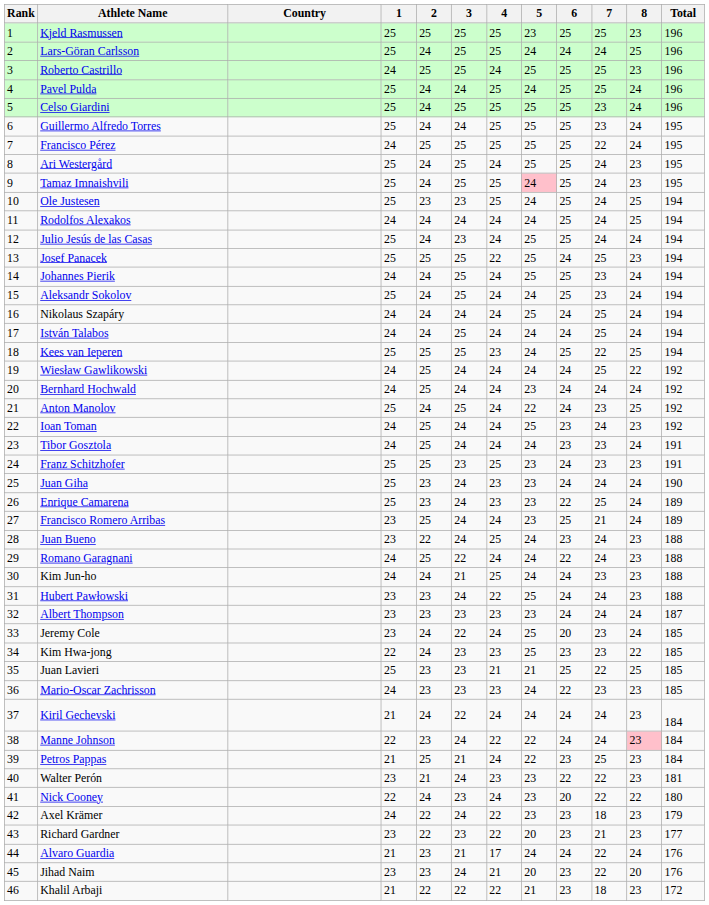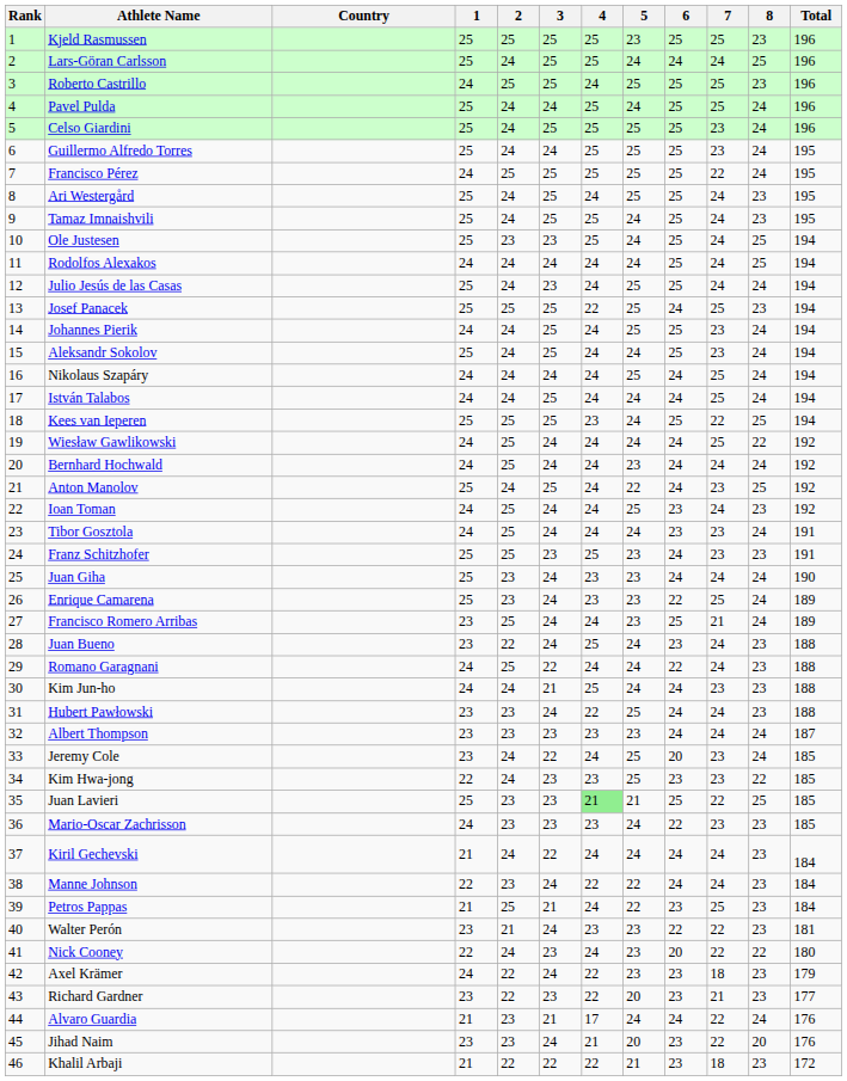 <table class="wikitable">
 <tr>
 <th width=25>Rank</th>
 <th width=250>Athlete Name</th>
 <th width=200>Country</th>
 <th width=40>1</th>
 <th width=40>2</th>
 <th width=40>3</th>
 <th width=40>4</th>
 <th width=40>5</th>
 <th width=40>6</th>
 <th width=40>7</th>
 <th width=40>8</th>
 <th width=50>Total</th>
 </tr>
 <tr bgcolor= #CCFFCC>
 <td>1</td>
 <td><a href='#'>Kjeld Rasmussen</a></td>
 <td></td>
 <td>25</td>
 <td>25</td>
 <td>25</td>
 <td>25</td>
 <td>23</td>
 <td>25</td>
 <td>25</td>
 <td>23</td>
 <td>196</td>
 </tr>
 <tr bgcolor= #CCFFCC>
 <td>2</td>
 <td><a href='#'>Lars-Göran Carlsson</a></td>
 <td></td>
 <td>25</td>
 <td>24</td>
 <td>25</td>
 <td>25</td>
 <td>24</td>
 <td>24</td>
 <td>24</td>
 <td>25</td>
 <td>196</td>
 </tr>
 <tr bgcolor= #CCFFCC>
 <td>3</td>
 <td><a href='#'>Roberto Castrillo</a></td>
 <td></td>
 <td>24</td>
 <td>25</td>
 <td>25</td>
 <td>24</td>
 <td>25</td>
 <td>25</td>
 <td>25</td>
 <td>23</td>
 <td>196</td>
 </tr>
 <tr bgcolor= #CCFFCC>
 <td>4</td>
 <td><a href='#'>Pavel Pulda</a></td>
 <td></td>
 <td>25</td>
 <td>24</td>
 <td>24</td>
 <td>25</td>
 <td>24</td>
 <td>25</td>
 <td>25</td>
 <td>24</td>
 <td>196</td>
 </tr>
 <tr bgcolor= #CCFFCC>
 <td>5</td>
 <td><a href='#'>Celso Giardini</a></td>
 <td></td>
 <td>25</td>
 <td>24</td>
 <td>25</td>
 <td>25</td>
 <td>25</td>
 <td>25</td>
 <td>23</td>
 <td>24</td>
 <td>196</td>
 </tr>
 <tr>
 <td>6</td>
 <td><a href='#'>Guillermo Alfredo Torres</a></td>
 <td></td>
 <td>25</td>
 <td>24</td>
 <td>24</td>
 <td>25</td>
 <td>25</td>
 <td>25</td>
 <td>23</td>
 <td>24</td>
 <td>195</td>
 </tr>
 <tr>
 <td>7</td>
 <td><a href='#'>Francisco Pérez</a></td>
 <td></td>
 <td>24</td>
 <td>25</td>
 <td>25</td>
 <td>25</td>
 <td>25</td>
 <td>25</td>
 <td>22</td>
 <td>24</td>
 <td>195</td>
 </tr>
 <tr>
 <td>8</td>
 <td><a href='#'>Ari Westergård</a></td>
 <td></td>
 <td>25</td>
 <td>24</td>
 <td>25</td>
 <td>24</td>
 <td>25</td>
 <td>25</td>
 <td>24</td>
 <td>23</td>
 <td>195</td>
 </tr>
 <tr>
 <td>9</td>
 <td><a href='#'>Tamaz Imnaishvili</a></td>
 <td></td>
 <td>25</td>
 <td>24</td>
 <td>25</td>
 <td>25</td>
-<td style="background: pink;">24</td>
+<td>24</td>
 <td>25</td>
 <td>24</td>
 <td>23</td>
 <td>195</td>
 </tr>
 <tr>
 <td>10</td>
 <td><a href='#'>Ole Justesen</a></td>
 <td></td>
 <td>25</td>
 <td>23</td>
 <td>23</td>
 <td>25</td>
 <td>24</td>
 <td>25</td>
 <td>24</td>
 <td>25</td>
 <td>194</td>
 </tr>
 <tr>
 <td>11</td>
 <td><a href='#'>Rodolfos Alexakos</a></td>
 <td></td>
 <td>24</td>
 <td>24</td>
 <td>24</td>
 <td>24</td>
 <td>24</td>
 <td>25</td>
 <td>24</td>
 <td>25</td>
 <td>194</td>
 </tr>
 <tr>
 <td>12</td>
 <td><a href='#'>Julio Jesús de las Casas</a></td>
 <td></td>
 <td>25</td>
 <td>24</td>
 <td>23</td>
 <td>24</td>
 <td>25</td>
 <td>25</td>
 <td>24</td>
 <td>24</td>
 <td>194</td>
 </tr>
 <tr>
 <td>13</td>
 <td><a href='#'>Josef Panacek</a></td>
 <td></td>
 <td>25</td>
 <td>25</td>
 <td>25</td>
 <td>22</td>
 <td>25</td>
 <td>24</td>
 <td>25</td>
 <td>23</td>
 <td>194</td>
 </tr>
 <tr>
 <td>14</td>
 <td><a href='#'>Johannes Pierik</a></td>
 <td></td>
 <td>24</td>
 <td>24</td>
 <td>25</td>
 <td>24</td>
 <td>25</td>
 <td>25</td>
 <td>23</td>
 <td>24</td>
 <td>194</td>
 </tr>
 <tr>
 <td>15</td>
 <td><a href='#'>Aleksandr Sokolov</a></td>
 <td></td>
 <td>25</td>
 <td>24</td>
 <td>25</td>
 <td>24</td>
 <td>24</td>
 <td>25</td>
 <td>23</td>
 <td>24</td>
 <td>194</td>
 </tr>
 <tr>
 <td>16</td>
 <td>Nikolaus Szapáry</td>
 <td></td>
 <td>24</td>
 <td>24</td>
 <td>24</td>
 <td>24</td>
 <td>25</td>
 <td>24</td>
 <td>25</td>
 <td>24</td>
 <td>194</td>
 </tr>
 <tr>
 <td>17</td>
 <td><a href='#'>István Talabos</a></td>
 <td></td>
 <td>24</td>
 <td>24</td>
 <td>25</td>
 <td>24</td>
 <td>24</td>
 <td>24</td>
 <td>25</td>
 <td>24</td>
 <td>194</td>
 </tr>
 <tr>
 <td>18</td>
 <td><a href='#'>Kees van Ieperen</a></td>
 <td></td>
 <td>25</td>
 <td>25</td>
 <td>25</td>
 <td>23</td>
 <td>24</td>
 <td>25</td>
 <td>22</td>
 <td>25</td>
 <td>194</td>
 </tr>
 <tr>
 <td>19</td>
 <td><a href='#'>Wiesław Gawlikowski</a></td>
 <td></td>
 <td>24</td>
 <td>25</td>
 <td>24</td>
 <td>24</td>
 <td>24</td>
 <td>24</td>
 <td>25</td>
 <td>22</td>
 <td>192</td>
 </tr>
 <tr>
 <td>20</td>
 <td><a href='#'>Bernhard Hochwald</a></td>
 <td></td>
 <td>24</td>
 <td>25</td>
 <td>24</td>
 <td>24</td>
 <td>23</td>
 <td>24</td>
 <td>24</td>
 <td>24</td>
 <td>192</td>
 </tr>
 <tr>
 <td>21</td>
 <td><a href='#'>Anton Manolov</a></td>
 <td></td>
 <td>25</td>
 <td>24</td>
 <td>25</td>
 <td>24</td>
 <td>22</td>
 <td>24</td>
 <td>23</td>
 <td>25</td>
 <td>192</td>
 </tr>
 <tr>
 <td>22</td>
 <td><a href='#'>Ioan Toman</a></td>
 <td></td>
 <td>24</td>
 <td>25</td>
 <td>24</td>
 <td>24</td>
 <td>25</td>
 <td>23</td>
 <td>24</td>
 <td>23</td>
 <td>192</td>
 </tr>
 <tr>
 <td>23</td>
 <td><a href='#'>Tibor Gosztola</a></td>
 <td></td>
 <td>24</td>
 <td>25</td>
 <td>24</td>
 <td>24</td>
 <td>24</td>
 <td>23</td>
 <td>23</td>
 <td>24</td>
 <td>191</td>
 </tr>
 <tr>
 <td>24</td>
 <td><a href='#'>Franz Schitzhofer</a></td>
 <td></td>
 <td>25</td>
 <td>25</td>
 <td>23</td>
 <td>25</td>
 <td>23</td>
 <td>24</td>
 <td>23</td>
 <td>23</td>
 <td>191</td>
 </tr>
 <tr>
 <td>25</td>
 <td><a href='#'>Juan Giha</a></td>
 <td></td>
 <td>25</td>
 <td>23</td>
 <td>24</td>
 <td>23</td>
 <td>23</td>
 <td>24</td>
 <td>24</td>
 <td>24</td>
 <td>190</td>
 </tr>
 <tr>
 <td>26</td>
 <td><a href='#'>Enrique Camarena</a></td>
 <td></td>
 <td>25</td>
 <td>23</td>
 <td>24</td>
 <td>23</td>
 <td>23</td>
 <td>22</td>
 <td>25</td>
 <td>24</td>
 <td>189</td>
 </tr>
 <tr>
 <td>27</td>
 <td><a href='#'>Francisco Romero Arribas</a></td>
 <td></td>
 <td>23</td>
 <td>25</td>
 <td>24</td>
 <td>24</td>
 <td>23</td>
 <td>25</td>
 <td>21</td>
 <td>24</td>
 <td>189</td>
 </tr>
 <tr>
 <td>28</td>
 <td><a href='#'>Juan Bueno</a></td>
 <td></td>
 <td>23</td>
 <td>22</td>
 <td>24</td>
 <td>25</td>
 <td>24</td>
 <td>23</td>
 <td>24</td>
 <td>23</td>
 <td>188</td>
 </tr>
 <tr>
 <td>29</td>
 <td><a href='#'>Romano Garagnani</a></td>
 <td></td>
 <td>24</td>
 <td>25</td>
 <td>22</td>
 <td>24</td>
 <td>24</td>
 <td>22</td>
 <td>24</td>
 <td>23</td>
 <td>188</td>
 </tr>
 <tr>
 <td>30</td>
 <td>Kim Jun-ho</td>
 <td></td>
 <td>24</td>
 <td>24</td>
 <td>21</td>
 <td>25</td>
 <td>24</td>
 <td>24</td>
 <td>23</td>
 <td>23</td>
 <td>188</td>
 </tr>
 <tr>
 <td>31</td>
 <td><a href='#'>Hubert Pawłowski</a></td>
 <td></td>
 <td>23</td>
 <td>23</td>
 <td>24</td>
 <td>22</td>
 <td>25</td>
 <td>24</td>
 <td>24</td>
 <td>23</td>
 <td>188</td>
 </tr>
 <tr>
 <td>32</td>
 <td><a href='#'>Albert Thompson</a></td>
 <td></td>
 <td>23</td>
 <td>23</td>
 <td>23</td>
 <td>23</td>
 <td>23</td>
 <td>24</td>
 <td>24</td>
 <td>24</td>
 <td>187</td>
 </tr>
 <tr>
 <td>33</td>
 <td>Jeremy Cole</td>
 <td></td>
 <td>23</td>
 <td>24</td>
 <td>22</td>
 <td>24</td>
 <td>25</td>
 <td>20</td>
 <td>23</td>
 <td>24</td>
 <td>185</td>
 </tr>
 <tr>
 <td>34</td>
 <td>Kim Hwa-jong</td>
 <td></td>
 <td>22</td>
 <td>24</td>
 <td>23</td>
 <td>23</td>
 <td>25</td>
 <td>23</td>
 <td>23</td>
 <td>22</td>
 <td>185</td>
 </tr>
 <tr>
 <td>35</td>
 <td>Juan Lavieri</td>
 <td></td>
 <td>25</td>
 <td>23</td>
 <td>23</td>
-<td>21</td>
+<td style="background: lightgreen;">21</td>
 <td>21</td>
 <td>25</td>
 <td>22</td>
 <td>25</td>
 <td>185</td>
 </tr>
 <tr>
 <td>36</td>
 <td><a href='#'>Mario-Oscar Zachrisson</a></td>
 <td></td>
 <td>24</td>
 <td>23</td>
 <td>23</td>
 <td>23</td>
 <td>24</td>
 <td>22</td>
 <td>23</td>
 <td>23</td>
 <td>185</td>
 </tr>
 <tr>
 <td>37</td>
 <td><a href='#'>Kiril Gechevski</a></td>
 <td></td>
 <td>21</td>
 <td>24</td>
 <td>22</td>
 <td>24</td>
 <td>24</td>
 <td>24</td>
 <td>24</td>
 <td>23</td>
 <td><br>184</td>
 </tr>
 <tr>
 <td>38</td>
 <td><a href='#'>Manne Johnson</a></td>
 <td></td>
 <td>22</td>
 <td>23</td>
 <td>24</td>
 <td>22</td>
 <td>22</td>
 <td>24</td>
 <td>24</td>
-<td style="background: pink;">23</td>
+<td>23</td>
 <td>184</td>
 </tr>
 <tr>
 <td>39</td>
 <td><a href='#'>Petros Pappas</a></td>
 <td></td>
 <td>21</td>
 <td>25</td>
 <td>21</td>
 <td>24</td>
 <td>22</td>
 <td>23</td>
 <td>25</td>
 <td>23</td>
 <td>184</td>
 </tr>
 <tr>
 <td>40</td>
 <td>Walter Perón</td>
 <td></td>
 <td>23</td>
 <td>21</td>
 <td>24</td>
 <td>23</td>
 <td>23</td>
 <td>22</td>
 <td>22</td>
 <td>23</td>
 <td>181</td>
 </tr>
 <tr>
 <td>41</td>
 <td><a href='#'>Nick Cooney</a></td>
 <td></td>
 <td>22</td>
 <td>24</td>
 <td>23</td>
 <td>24</td>
 <td>23</td>
 <td>20</td>
 <td>22</td>
 <td>22</td>
 <td>180</td>
 </tr>
 <tr>
 <td>42</td>
 <td>Axel Krämer</td>
 <td></td>
 <td>24</td>
 <td>22</td>
 <td>24</td>
 <td>22</td>
 <td>23</td>
 <td>23</td>
 <td>18</td>
 <td>23</td>
 <td>179</td>
 </tr>
 <tr>
 <td>43</td>
 <td>Richard Gardner</td>
 <td></td>
 <td>23</td>
 <td>22</td>
 <td>23</td>
 <td>22</td>
 <td>20</td>
 <td>23</td>
 <td>21</td>
 <td>23</td>
 <td>177</td>
 </tr>
 <tr>
 <td>44</td>
 <td><a href='#'>Alvaro Guardia</a></td>
 <td></td>
 <td>21</td>
 <td>23</td>
 <td>21</td>
 <td>17</td>
 <td>24</td>
 <td>24</td>
 <td>22</td>
 <td>24</td>
 <td>176</td>
 </tr>
 <tr>
 <td>45</td>
 <td>Jihad Naim</td>
 <td></td>
 <td>23</td>
 <td>23</td>
 <td>24</td>
 <td>21</td>
 <td>20</td>
 <td>23</td>
 <td>22</td>
 <td>20</td>
 <td>176</td>
 </tr>
 <tr>
 <td>46</td>
 <td>Khalil Arbaji</td>
 <td></td>
 <td>21</td>
 <td>22</td>
 <td>22</td>
 <td>22</td>
 <td>21</td>
 <td>23</td>
 <td>18</td>
 <td>23</td>
 <td>172</td>
 </tr>
 </table>
